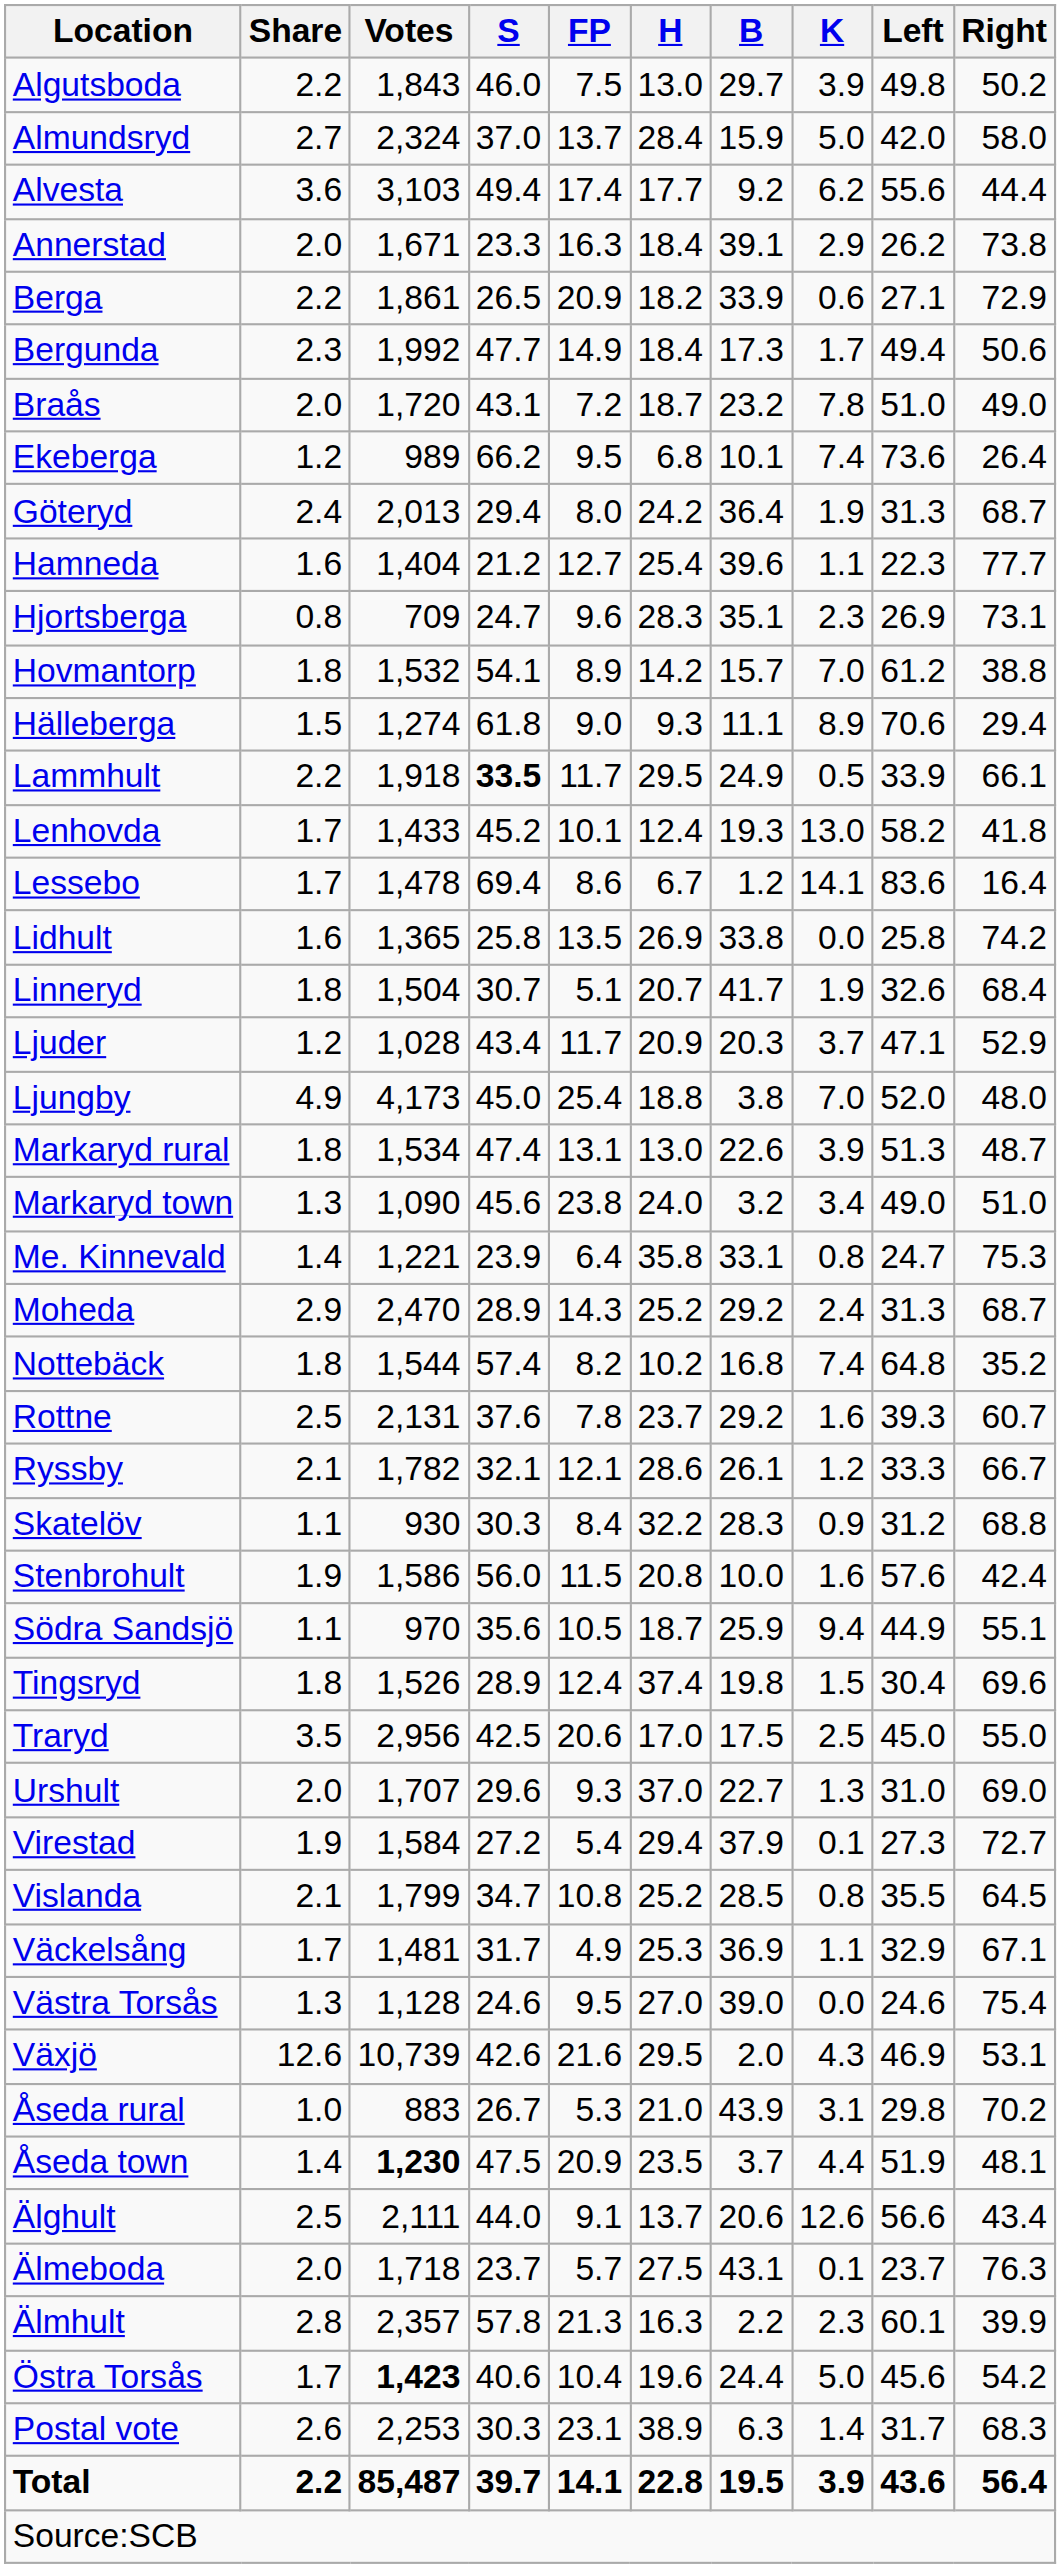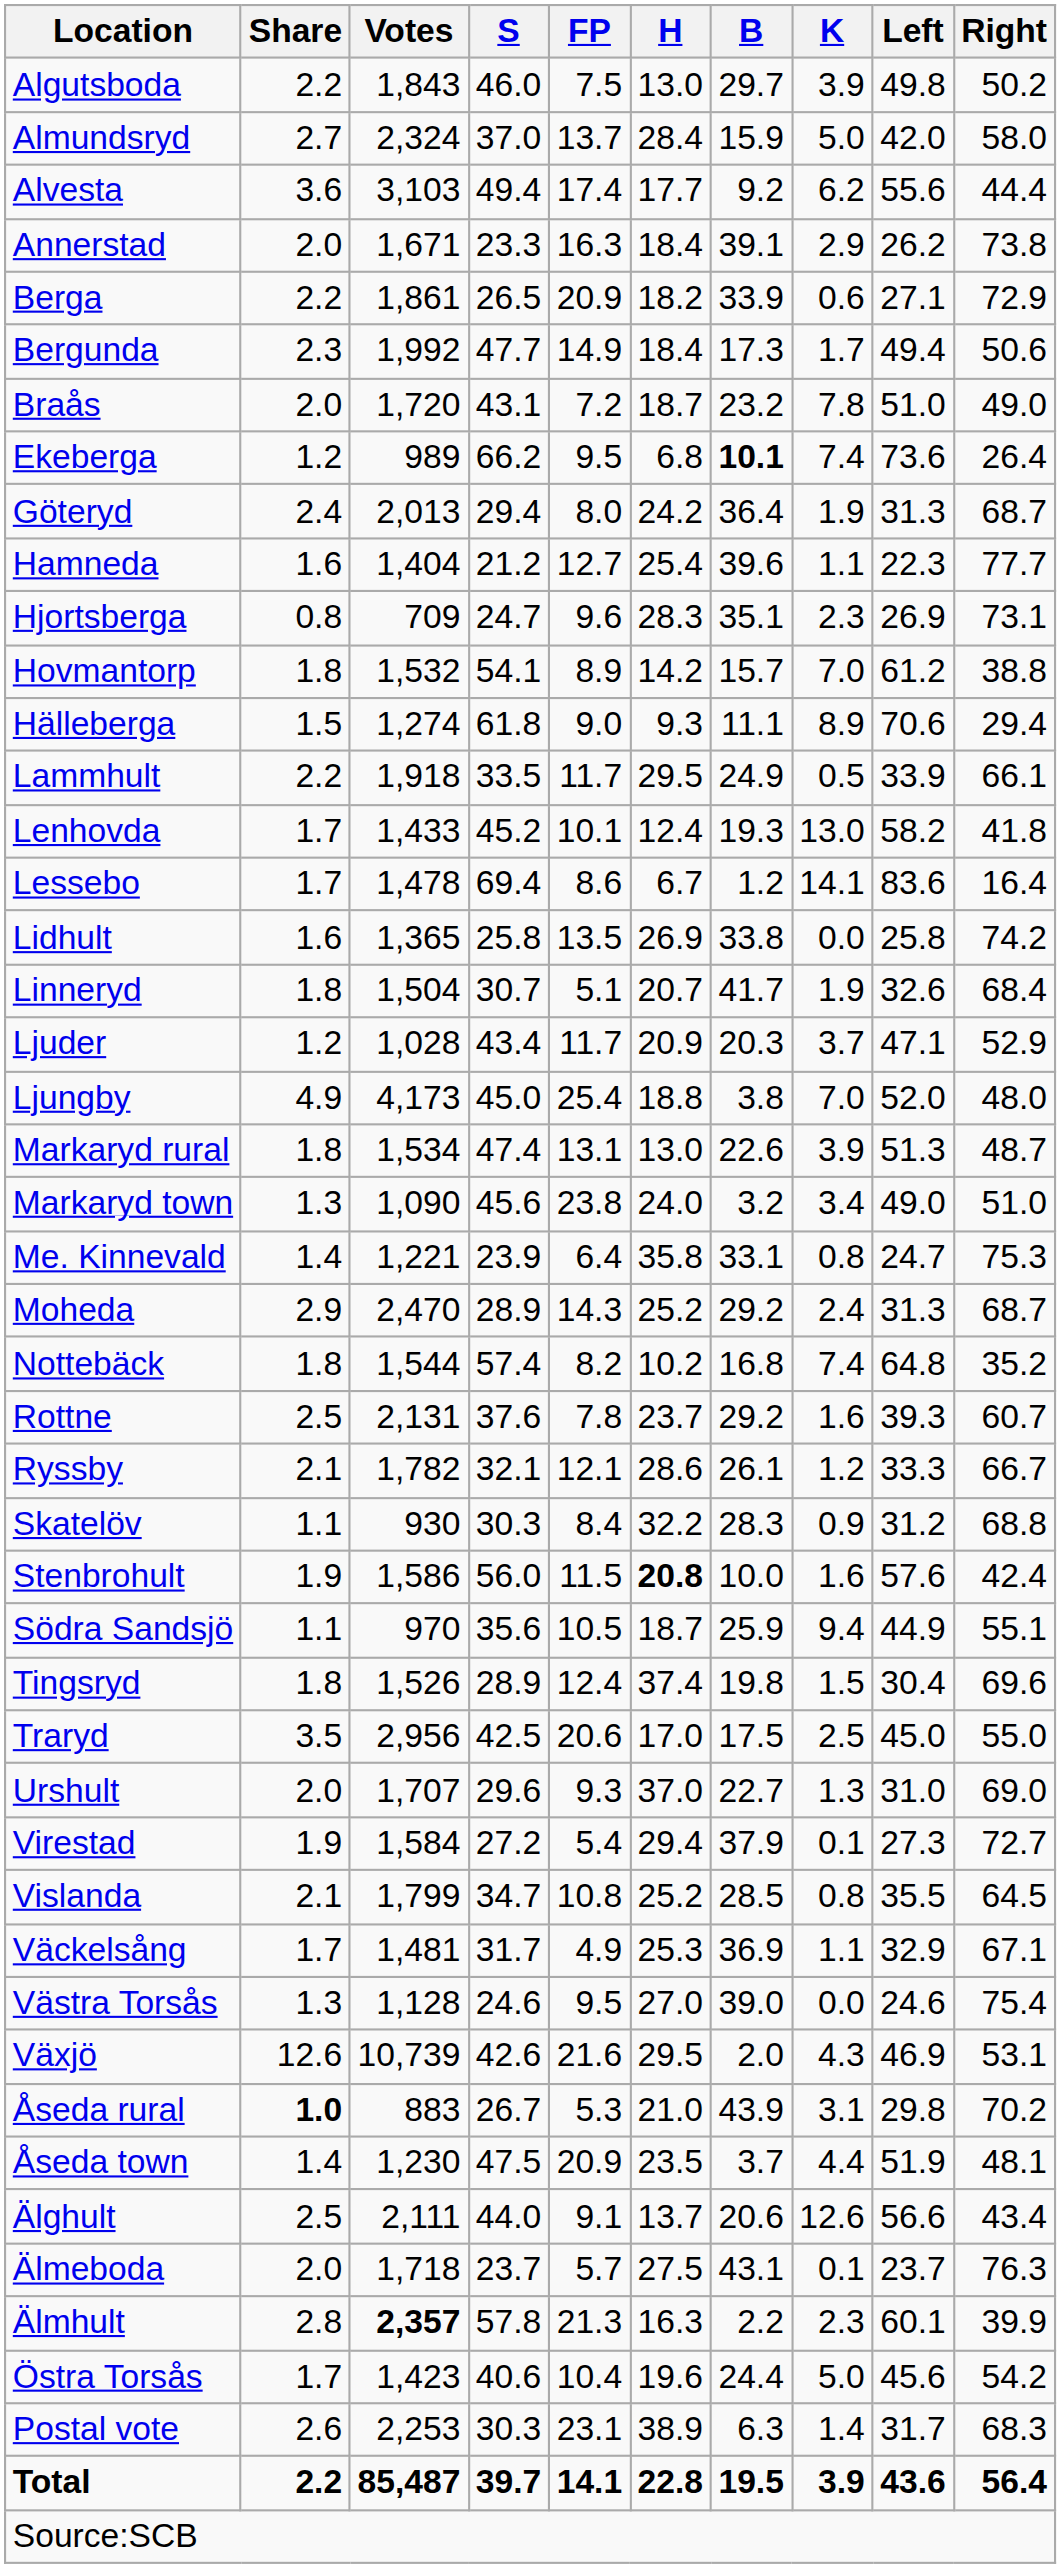 <table class="wikitable sortable" style=text-align:right>
 <tr>
 <th>Location</th>
 <th>Share</th>
 <th>Votes</th>
 <th><a href='#'>S</a></th>
 <th><a href='#'>FP</a></th>
 <th><a href='#'>H</a></th>
 <th><a href='#'>B</a></th>
 <th><a href='#'>K</a></th>
 <th>Left</th>
 <th>Right</th>
 </tr>
 <tr>
 <td align=left><a href='#'>Algutsboda</a></td>
 <td>2.2</td>
 <td>1,843</td>
 <td>46.0</td>
 <td>7.5</td>
 <td>13.0</td>
 <td>29.7</td>
 <td>3.9</td>
 <td>49.8</td>
 <td>50.2</td>
 </tr>
 <tr>
 <td align=left><a href='#'>Almundsryd</a></td>
 <td>2.7</td>
 <td>2,324</td>
 <td>37.0</td>
 <td>13.7</td>
 <td>28.4</td>
 <td>15.9</td>
 <td>5.0</td>
 <td>42.0</td>
 <td>58.0</td>
 </tr>
 <tr>
 <td align=left><a href='#'>Alvesta</a></td>
 <td>3.6</td>
 <td>3,103</td>
 <td>49.4</td>
 <td>17.4</td>
 <td>17.7</td>
 <td>9.2</td>
 <td>6.2</td>
 <td>55.6</td>
 <td>44.4</td>
 </tr>
 <tr>
 <td align=left><a href='#'>Annerstad</a></td>
 <td>2.0</td>
 <td>1,671</td>
 <td>23.3</td>
 <td>16.3</td>
 <td>18.4</td>
 <td>39.1</td>
 <td>2.9</td>
 <td>26.2</td>
 <td>73.8</td>
 </tr>
 <tr>
 <td align=left><a href='#'>Berga</a></td>
 <td>2.2</td>
 <td>1,861</td>
 <td>26.5</td>
 <td>20.9</td>
 <td>18.2</td>
 <td>33.9</td>
 <td>0.6</td>
 <td>27.1</td>
 <td>72.9</td>
 </tr>
 <tr>
 <td align=left><a href='#'>Bergunda</a></td>
 <td>2.3</td>
 <td>1,992</td>
 <td>47.7</td>
 <td>14.9</td>
 <td>18.4</td>
 <td>17.3</td>
 <td>1.7</td>
 <td>49.4</td>
 <td>50.6</td>
 </tr>
 <tr>
 <td align=left><a href='#'>Braås</a></td>
 <td>2.0</td>
 <td>1,720</td>
 <td>43.1</td>
 <td>7.2</td>
 <td>18.7</td>
 <td>23.2</td>
 <td>7.8</td>
 <td>51.0</td>
 <td>49.0</td>
 </tr>
 <tr>
 <td align=left><a href='#'>Ekeberga</a></td>
 <td>1.2</td>
 <td>989</td>
 <td>66.2</td>
 <td>9.5</td>
 <td>6.8</td>
-<td>10.1</td>
+<td><strong>10.1</strong></td>
 <td>7.4</td>
 <td>73.6</td>
 <td>26.4</td>
 </tr>
 <tr>
 <td align=left><a href='#'>Göteryd</a></td>
 <td>2.4</td>
 <td>2,013</td>
 <td>29.4</td>
 <td>8.0</td>
 <td>24.2</td>
 <td>36.4</td>
 <td>1.9</td>
 <td>31.3</td>
 <td>68.7</td>
 </tr>
 <tr>
 <td align=left><a href='#'>Hamneda</a></td>
 <td>1.6</td>
 <td>1,404</td>
 <td>21.2</td>
 <td>12.7</td>
 <td>25.4</td>
 <td>39.6</td>
 <td>1.1</td>
 <td>22.3</td>
 <td>77.7</td>
 </tr>
 <tr>
 <td align=left><a href='#'>Hjortsberga</a></td>
 <td>0.8</td>
 <td>709</td>
 <td>24.7</td>
 <td>9.6</td>
 <td>28.3</td>
 <td>35.1</td>
 <td>2.3</td>
 <td>26.9</td>
 <td>73.1</td>
 </tr>
 <tr>
 <td align=left><a href='#'>Hovmantorp</a></td>
 <td>1.8</td>
 <td>1,532</td>
 <td>54.1</td>
 <td>8.9</td>
 <td>14.2</td>
 <td>15.7</td>
 <td>7.0</td>
 <td>61.2</td>
 <td>38.8</td>
 </tr>
 <tr>
 <td align=left><a href='#'>Hälleberga</a></td>
 <td>1.5</td>
 <td>1,274</td>
 <td>61.8</td>
 <td>9.0</td>
 <td>9.3</td>
 <td>11.1</td>
 <td>8.9</td>
 <td>70.6</td>
 <td>29.4</td>
 </tr>
 <tr>
 <td align=left><a href='#'>Lammhult</a></td>
 <td>2.2</td>
 <td>1,918</td>
-<td><strong>33.5</strong></td>
+<td>33.5</td>
 <td>11.7</td>
 <td>29.5</td>
 <td>24.9</td>
 <td>0.5</td>
 <td>33.9</td>
 <td>66.1</td>
 </tr>
 <tr>
 <td align=left><a href='#'>Lenhovda</a></td>
 <td>1.7</td>
 <td>1,433</td>
 <td>45.2</td>
 <td>10.1</td>
 <td>12.4</td>
 <td>19.3</td>
 <td>13.0</td>
 <td>58.2</td>
 <td>41.8</td>
 </tr>
 <tr>
 <td align=left><a href='#'>Lessebo</a></td>
 <td>1.7</td>
 <td>1,478</td>
 <td>69.4</td>
 <td>8.6</td>
 <td>6.7</td>
 <td>1.2</td>
 <td>14.1</td>
 <td>83.6</td>
 <td>16.4</td>
 </tr>
 <tr>
 <td align=left><a href='#'>Lidhult</a></td>
 <td>1.6</td>
 <td>1,365</td>
 <td>25.8</td>
 <td>13.5</td>
 <td>26.9</td>
 <td>33.8</td>
 <td>0.0</td>
 <td>25.8</td>
 <td>74.2</td>
 </tr>
 <tr>
 <td align=left><a href='#'>Linneryd</a></td>
 <td>1.8</td>
 <td>1,504</td>
 <td>30.7</td>
 <td>5.1</td>
 <td>20.7</td>
 <td>41.7</td>
 <td>1.9</td>
 <td>32.6</td>
 <td>68.4</td>
 </tr>
 <tr>
 <td align=left><a href='#'>Ljuder</a></td>
 <td>1.2</td>
 <td>1,028</td>
 <td>43.4</td>
 <td>11.7</td>
 <td>20.9</td>
 <td>20.3</td>
 <td>3.7</td>
 <td>47.1</td>
 <td>52.9</td>
 </tr>
 <tr>
 <td align=left><a href='#'>Ljungby</a></td>
 <td>4.9</td>
 <td>4,173</td>
 <td>45.0</td>
 <td>25.4</td>
 <td>18.8</td>
 <td>3.8</td>
 <td>7.0</td>
 <td>52.0</td>
 <td>48.0</td>
 </tr>
 <tr>
 <td align=left><a href='#'>Markaryd rural</a></td>
 <td>1.8</td>
 <td>1,534</td>
 <td>47.4</td>
 <td>13.1</td>
 <td>13.0</td>
 <td>22.6</td>
 <td>3.9</td>
 <td>51.3</td>
 <td>48.7</td>
 </tr>
 <tr>
 <td align=left><a href='#'>Markaryd town</a></td>
 <td>1.3</td>
 <td>1,090</td>
 <td>45.6</td>
 <td>23.8</td>
 <td>24.0</td>
 <td>3.2</td>
 <td>3.4</td>
 <td>49.0</td>
 <td>51.0</td>
 </tr>
 <tr>
 <td align=left><a href='#'>Me. Kinnevald</a></td>
 <td>1.4</td>
 <td>1,221</td>
 <td>23.9</td>
 <td>6.4</td>
 <td>35.8</td>
 <td>33.1</td>
 <td>0.8</td>
 <td>24.7</td>
 <td>75.3</td>
 </tr>
 <tr>
 <td align=left><a href='#'>Moheda</a></td>
 <td>2.9</td>
 <td>2,470</td>
 <td>28.9</td>
 <td>14.3</td>
 <td>25.2</td>
 <td>29.2</td>
 <td>2.4</td>
 <td>31.3</td>
 <td>68.7</td>
 </tr>
 <tr>
 <td align=left><a href='#'>Nottebäck</a></td>
 <td>1.8</td>
 <td>1,544</td>
 <td>57.4</td>
 <td>8.2</td>
 <td>10.2</td>
 <td>16.8</td>
 <td>7.4</td>
 <td>64.8</td>
 <td>35.2</td>
 </tr>
 <tr>
 <td align=left><a href='#'>Rottne</a></td>
 <td>2.5</td>
 <td>2,131</td>
 <td>37.6</td>
 <td>7.8</td>
 <td>23.7</td>
 <td>29.2</td>
 <td>1.6</td>
 <td>39.3</td>
 <td>60.7</td>
 </tr>
 <tr>
 <td align=left><a href='#'>Ryssby</a></td>
 <td>2.1</td>
 <td>1,782</td>
 <td>32.1</td>
 <td>12.1</td>
 <td>28.6</td>
 <td>26.1</td>
 <td>1.2</td>
 <td>33.3</td>
 <td>66.7</td>
 </tr>
 <tr>
 <td align=left><a href='#'>Skatelöv</a></td>
 <td>1.1</td>
 <td>930</td>
 <td>30.3</td>
 <td>8.4</td>
 <td>32.2</td>
 <td>28.3</td>
 <td>0.9</td>
 <td>31.2</td>
 <td>68.8</td>
 </tr>
 <tr>
 <td align=left><a href='#'>Stenbrohult</a></td>
 <td>1.9</td>
 <td>1,586</td>
 <td>56.0</td>
 <td>11.5</td>
-<td>20.8</td>
+<td><strong>20.8</strong></td>
 <td>10.0</td>
 <td>1.6</td>
 <td>57.6</td>
 <td>42.4</td>
 </tr>
 <tr>
 <td align=left><a href='#'>Södra Sandsjö</a></td>
 <td>1.1</td>
 <td>970</td>
 <td>35.6</td>
 <td>10.5</td>
 <td>18.7</td>
 <td>25.9</td>
 <td>9.4</td>
 <td>44.9</td>
 <td>55.1</td>
 </tr>
 <tr>
 <td align=left><a href='#'>Tingsryd</a></td>
 <td>1.8</td>
 <td>1,526</td>
 <td>28.9</td>
 <td>12.4</td>
 <td>37.4</td>
 <td>19.8</td>
 <td>1.5</td>
 <td>30.4</td>
 <td>69.6</td>
 </tr>
 <tr>
 <td align=left><a href='#'>Traryd</a></td>
 <td>3.5</td>
 <td>2,956</td>
 <td>42.5</td>
 <td>20.6</td>
 <td>17.0</td>
 <td>17.5</td>
 <td>2.5</td>
 <td>45.0</td>
 <td>55.0</td>
 </tr>
 <tr>
 <td align=left><a href='#'>Urshult</a></td>
 <td>2.0</td>
 <td>1,707</td>
 <td>29.6</td>
 <td>9.3</td>
 <td>37.0</td>
 <td>22.7</td>
 <td>1.3</td>
 <td>31.0</td>
 <td>69.0</td>
 </tr>
 <tr>
 <td align=left><a href='#'>Virestad</a></td>
 <td>1.9</td>
 <td>1,584</td>
 <td>27.2</td>
 <td>5.4</td>
 <td>29.4</td>
 <td>37.9</td>
 <td>0.1</td>
 <td>27.3</td>
 <td>72.7</td>
 </tr>
 <tr>
 <td align=left><a href='#'>Vislanda</a></td>
 <td>2.1</td>
 <td>1,799</td>
 <td>34.7</td>
 <td>10.8</td>
 <td>25.2</td>
 <td>28.5</td>
 <td>0.8</td>
 <td>35.5</td>
 <td>64.5</td>
 </tr>
 <tr>
 <td align=left><a href='#'>Väckelsång</a></td>
 <td>1.7</td>
 <td>1,481</td>
 <td>31.7</td>
 <td>4.9</td>
 <td>25.3</td>
 <td>36.9</td>
 <td>1.1</td>
 <td>32.9</td>
 <td>67.1</td>
 </tr>
 <tr>
 <td align=left><a href='#'>Västra Torsås</a></td>
 <td>1.3</td>
 <td>1,128</td>
 <td>24.6</td>
 <td>9.5</td>
 <td>27.0</td>
 <td>39.0</td>
 <td>0.0</td>
 <td>24.6</td>
 <td>75.4</td>
 </tr>
 <tr>
 <td align=left><a href='#'>Växjö</a></td>
 <td>12.6</td>
 <td>10,739</td>
 <td>42.6</td>
 <td>21.6</td>
 <td>29.5</td>
 <td>2.0</td>
 <td>4.3</td>
 <td>46.9</td>
 <td>53.1</td>
 </tr>
 <tr>
 <td align=left><a href='#'>Åseda rural</a></td>
-<td>1.0</td>
+<td><strong>1.0</strong></td>
 <td>883</td>
 <td>26.7</td>
 <td>5.3</td>
 <td>21.0</td>
 <td>43.9</td>
 <td>3.1</td>
 <td>29.8</td>
 <td>70.2</td>
 </tr>
 <tr>
 <td align=left><a href='#'>Åseda town</a></td>
 <td>1.4</td>
-<td><strong>1,230</strong></td>
+<td>1,230</td>
 <td>47.5</td>
 <td>20.9</td>
 <td>23.5</td>
 <td>3.7</td>
 <td>4.4</td>
 <td>51.9</td>
 <td>48.1</td>
 </tr>
 <tr>
 <td align=left><a href='#'>Älghult</a></td>
 <td>2.5</td>
 <td>2,111</td>
 <td>44.0</td>
 <td>9.1</td>
 <td>13.7</td>
 <td>20.6</td>
 <td>12.6</td>
 <td>56.6</td>
 <td>43.4</td>
 </tr>
 <tr>
 <td align=left><a href='#'>Älmeboda</a></td>
 <td>2.0</td>
 <td>1,718</td>
 <td>23.7</td>
 <td>5.7</td>
 <td>27.5</td>
 <td>43.1</td>
 <td>0.1</td>
 <td>23.7</td>
 <td>76.3</td>
 </tr>
 <tr>
 <td align=left><a href='#'>Älmhult</a></td>
 <td>2.8</td>
-<td>2,357</td>
+<td><strong>2,357</strong></td>
 <td>57.8</td>
 <td>21.3</td>
 <td>16.3</td>
 <td>2.2</td>
 <td>2.3</td>
 <td>60.1</td>
 <td>39.9</td>
 </tr>
 <tr>
 <td align=left><a href='#'>Östra Torsås</a></td>
 <td>1.7</td>
-<td><strong>1,423</strong></td>
+<td>1,423</td>
 <td>40.6</td>
 <td>10.4</td>
 <td>19.6</td>
 <td>24.4</td>
 <td>5.0</td>
 <td>45.6</td>
 <td>54.2</td>
 </tr>
 <tr>
 <td align=left><a href='#'>Postal vote</a></td>
 <td>2.6</td>
 <td>2,253</td>
 <td>30.3</td>
 <td>23.1</td>
 <td>38.9</td>
 <td>6.3</td>
 <td>1.4</td>
 <td>31.7</td>
 <td>68.3</td>
 </tr>
 <tr>
 <td align=left><strong>Total</strong></td>
 <td><strong>2.2</strong></td>
 <td><strong>85,487</strong></td>
 <td><strong>39.7</strong></td>
 <td><strong>14.1</strong></td>
 <td><strong>22.8</strong></td>
 <td><strong>19.5</strong></td>
 <td><strong>3.9</strong></td>
 <td><strong>43.6</strong></td>
 <td><strong>56.4</strong></td>
 </tr>
 <tr>
 <td align=left colspan=10>Source:SCB </td>
 </tr>
 </table>
